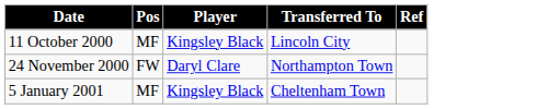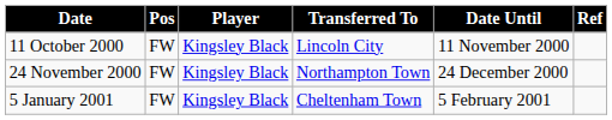 <table class="wikitable plainrowheaders sortable">
 <tr>
 <th style="background:#000000; color:#FFFFFF; ">Date</th>
 <th style="background:#000000; color:#FFFFff; ">Pos</th>
 <th style="background:#000000; color:#FFFFff; ">Player</th>
 <th style="background:#000000; color:#FFFFff; ">Transferred To</th>
+<th style="background:#000000; color:#FFFFff; ">Date Until</th>
 <th style="background:#000000; color:#FFFFff; ">Ref</th>
 </tr>
 <tr>
 <td>11 October 2000</td>
-<td>MF</td>
+<td>FW</td>
 <td> <a href='#'>Kingsley Black</a></td>
 <td> <a href='#'>Lincoln City</a></td>
+<td>11 November 2000</td>
 <td></td>
 </tr>
 <tr>
 <td>24 November 2000</td>
 <td>FW</td>
-<td> <a href='#'>Daryl Clare</a></td>
+<td> <a href='#'>Kingsley Black</a></td>
 <td> <a href='#'>Northampton Town</a></td>
+<td>24 December 2000</td>
 <td></td>
 </tr>
 <tr>
 <td>5 January 2001</td>
-<td>MF</td>
+<td>FW</td>
 <td> <a href='#'>Kingsley Black</a></td>
 <td> <a href='#'>Cheltenham Town</a></td>
+<td>5 February 2001</td>
 <td></td>
 </tr>
 </table>
